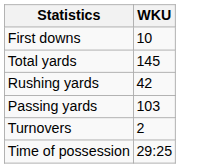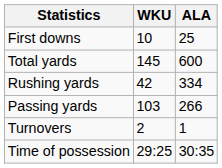 <table class="wikitable" style="float: left;">
 <tr>
 <th>Statistics</th>
 <th>WKU</th>
+<th>ALA</th>
 </tr>
 <tr>
 <td>First downs</td>
 <td>10</td>
+<td>25</td>
 </tr>
 <tr>
 <td>Total yards</td>
 <td>145</td>
+<td>600</td>
 </tr>
 <tr>
 <td>Rushing yards</td>
 <td>42</td>
+<td>334</td>
 </tr>
 <tr>
 <td>Passing yards</td>
 <td>103</td>
+<td>266</td>
 </tr>
 <tr>
 <td>Turnovers</td>
 <td>2</td>
+<td>1</td>
 </tr>
 <tr>
 <td>Time of possession</td>
 <td>29:25</td>
+<td>30:35</td>
 </tr>
 </table>
